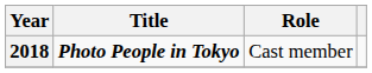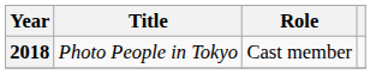 <table class="wikitable sortable plainrowheaders">
 <tr>
 <th scope="col">Year</th>
 <th scope="col">Title</th>
 <th scope="col">Role</th>
 <th scope="col" class="unsortable"></th>
 </tr>
 <tr>
 <th scope="row">2018</th>
-<td><strong><em>Photo People in Tokyo</em></strong></td>
+<td><em>Photo People in Tokyo</em></td>
 <td>Cast member</td>
 <td></td>
 </tr>
 <tr>
 </tr>
 </table>
